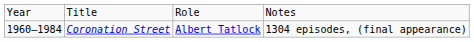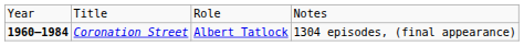 <table class="wikitable">
 <tr>
 <td>Year</td>
 <td>Title</td>
 <td>Role</td>
 <td>Notes</td>
 </tr>
 <tr>
-<td>1960–1984</td>
+<td><strong>1960–1984</strong></td>
 <td><em><a href='#'>Coronation Street</a></em></td>
 <td><a href='#'>Albert Tatlock</a></td>
 <td>1304 episodes, (final appearance)</td>
 </tr>
 </table>
